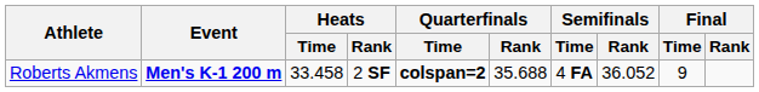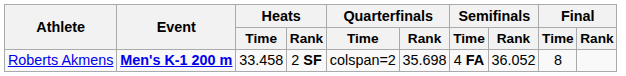 <table class=wikitable style="font-size:90%">
 <tr>
 <th rowspan="2">Athlete</th>
 <th rowspan="2">Event</th>
 <th colspan=2>Heats</th>
 <th colspan=2>Quarterfinals</th>
 <th colspan=2>Semifinals</th>
 <th colspan=2>Final</th>
 </tr>
 <tr style="font-size:95%">
 <th>Time</th>
 <th>Rank</th>
 <th>Time</th>
 <th>Rank</th>
 <th>Time</th>
 <th>Rank</th>
 <th>Time</th>
 <th>Rank</th>
 </tr>
 <tr align=center>
 <td align=left><a href='#'>Roberts Akmens</a></td>
 <td align=left><strong><a href='#'>Men's K-1 200 m</a></strong></td>
 <td>33.458</td>
 <td>2 <strong>SF</strong></td>
-<td><strong>colspan=2 </strong></td>
-<td>35.688</td>
+<td>colspan=2 </td>
+<td>35.698</td>
 <td>4 <strong>FA</strong></td>
 <td>36.052</td>
-<td>9</td>
+<td>8</td>
 </tr>
 </table>
